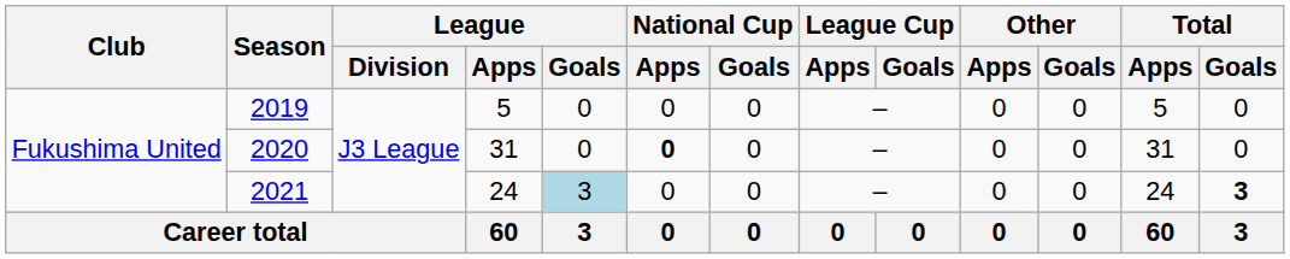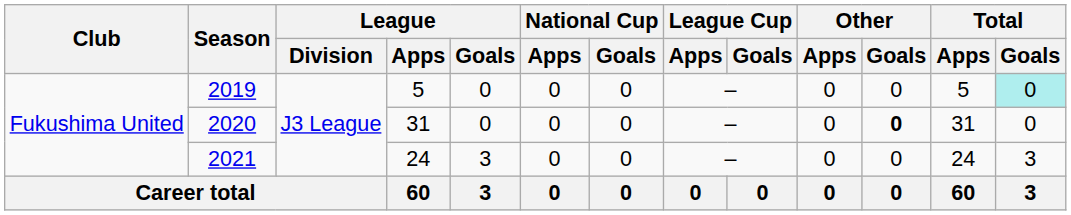 <table class="wikitable" style="text-align: center">
 <tr>
 <th rowspan="2">Club</th>
 <th rowspan="2">Season</th>
 <th colspan="3">League</th>
 <th colspan="2">National Cup</th>
 <th colspan="2">League Cup</th>
 <th colspan="2">Other</th>
 <th colspan="2">Total</th>
 </tr>
 <tr>
 <th>Division</th>
 <th>Apps</th>
 <th>Goals</th>
 <th>Apps</th>
 <th>Goals</th>
 <th>Apps</th>
 <th>Goals</th>
 <th>Apps</th>
 <th>Goals</th>
 <th>Apps</th>
 <th>Goals</th>
 </tr>
 <tr>
 <td rowspan="3"><a href='#'>Fukushima United</a></td>
 <td><a href='#'>2019</a></td>
 <td rowspan="3"><a href='#'>J3 League</a></td>
 <td>5</td>
 <td>0</td>
 <td>0</td>
 <td>0</td>
 <td colspan="2">–</td>
 <td>0</td>
 <td>0</td>
 <td>5</td>
-<td>0</td>
+<td style="background: paleturquoise;">0</td>
 </tr>
 <tr>
 <td><a href='#'>2020</a></td>
 <td>31</td>
 <td>0</td>
-<td><strong>0</strong></td>
+<td>0</td>
 <td>0</td>
 <td colspan="2">–</td>
 <td>0</td>
-<td>0</td>
+<td><strong>0</strong></td>
 <td>31</td>
 <td>0</td>
 </tr>
 <tr>
 <td><a href='#'>2021</a></td>
 <td>24</td>
-<td style="background: lightblue;">3</td>
+<td>3</td>
 <td>0</td>
 <td>0</td>
 <td colspan="2">–</td>
 <td>0</td>
 <td>0</td>
 <td>24</td>
-<td><strong>3</strong></td>
+<td>3</td>
 </tr>
 <tr>
 <th colspan=3>Career total</th>
 <th>60</th>
 <th>3</th>
 <th>0</th>
 <th>0</th>
 <th>0</th>
 <th>0</th>
 <th>0</th>
 <th>0</th>
 <th>60</th>
 <th>3</th>
 </tr>
 </table>
